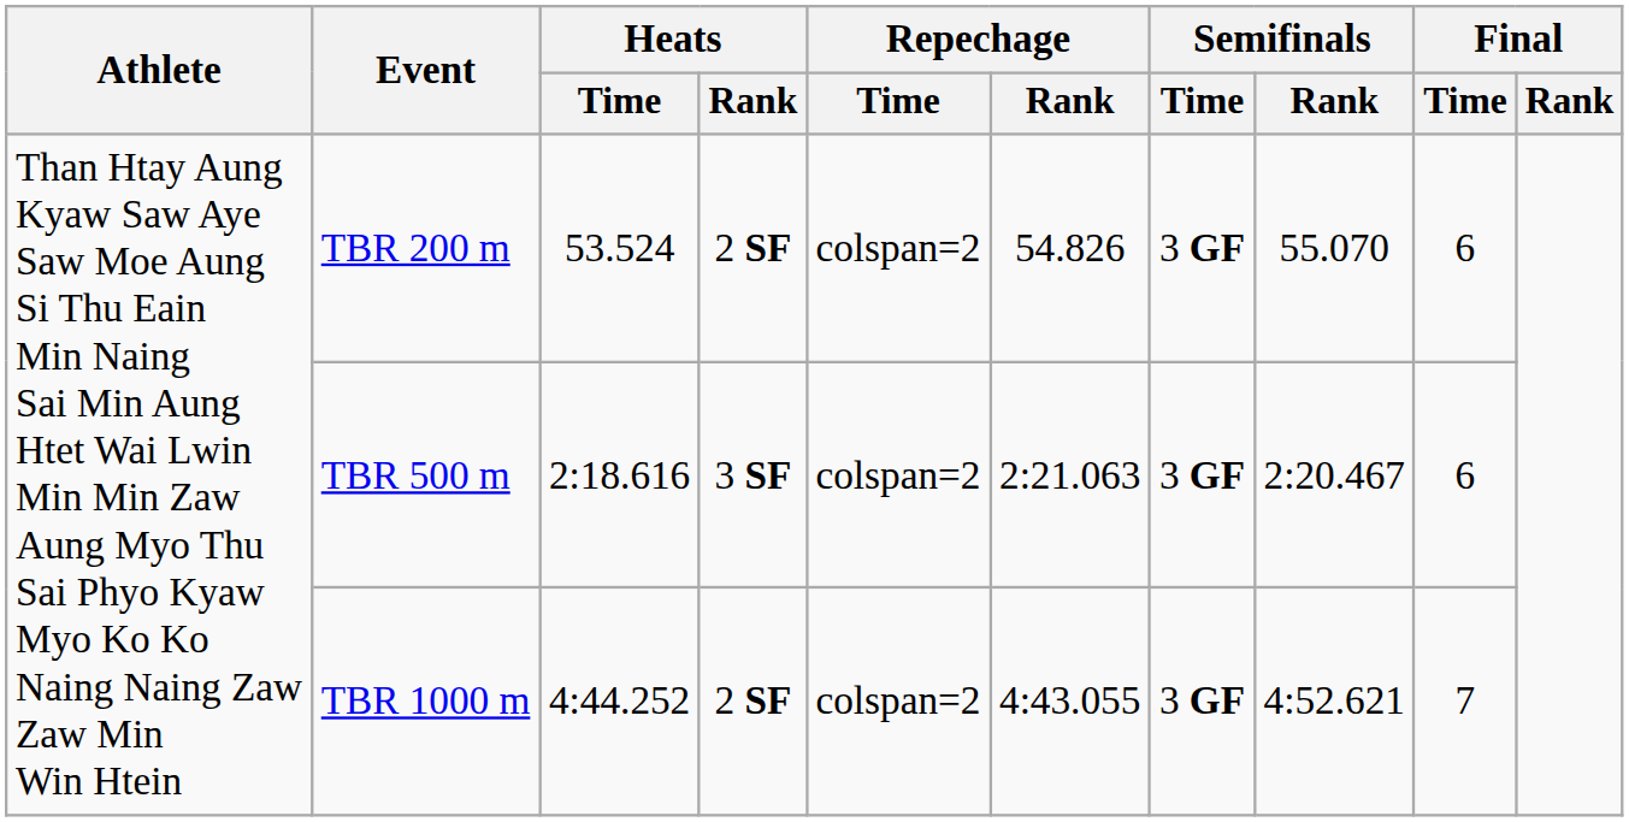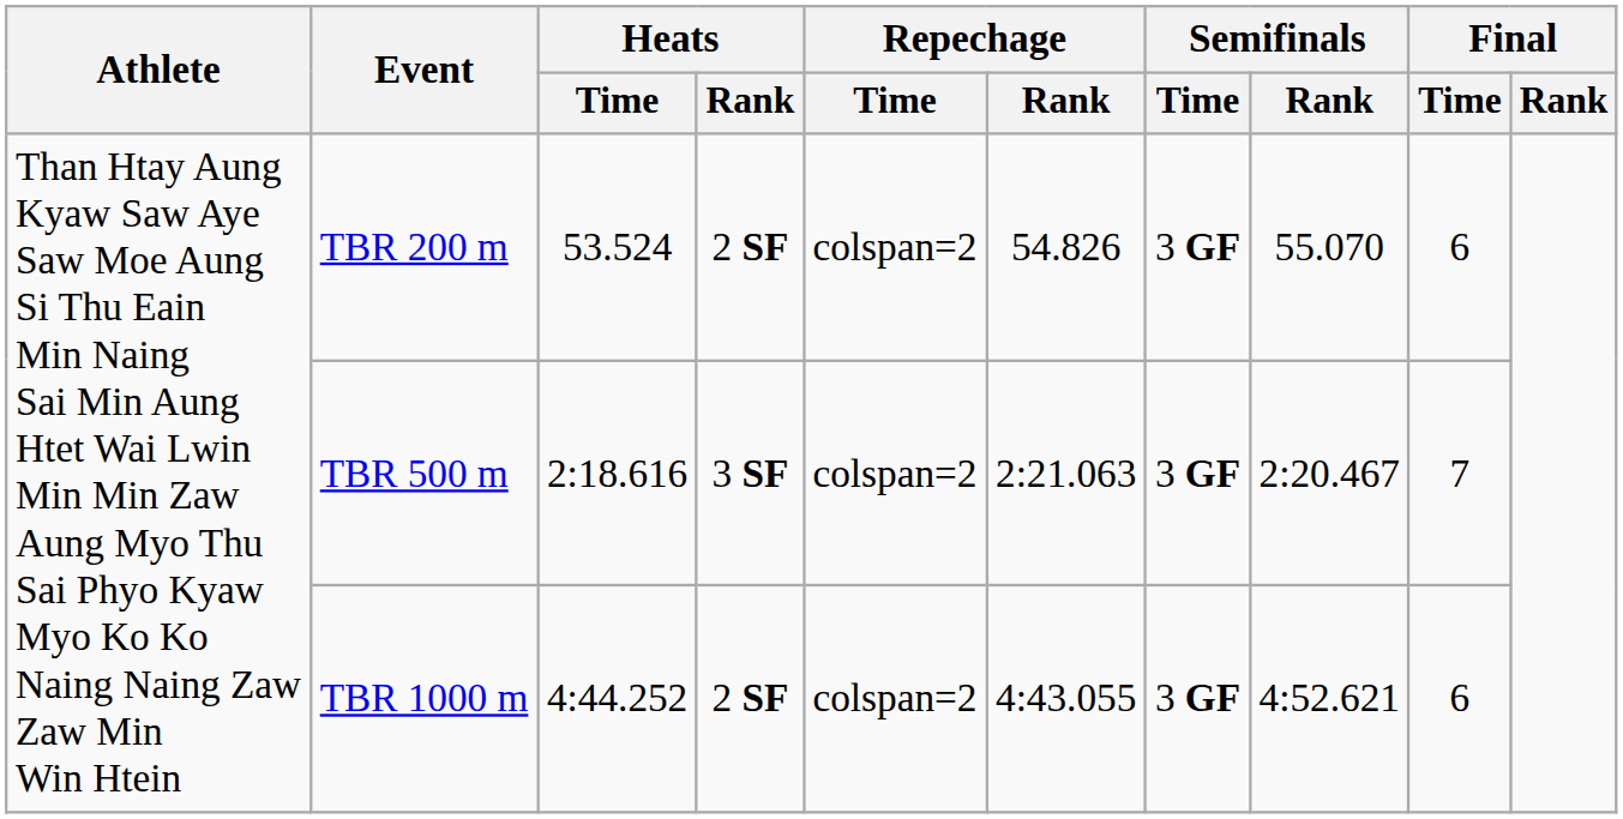 <table class="wikitable" style="text-align:center; font-size:90%">
 <tr>
 <th rowspan="2">Athlete</th>
 <th rowspan="2">Event</th>
 <th colspan="2">Heats</th>
 <th colspan="2">Repechage</th>
 <th colspan="2">Semifinals</th>
 <th colspan="2">Final</th>
 </tr>
 <tr style=font-size:95%>
 <th>Time</th>
 <th>Rank</th>
 <th>Time</th>
 <th>Rank</th>
 <th>Time</th>
 <th>Rank</th>
 <th>Time</th>
 <th>Rank</th>
 </tr>
 <tr>
 <td align=left rowspan=3>Than Htay Aung<br>Kyaw Saw Aye<br>Saw Moe Aung<br>Si Thu Eain<br>Min Naing<br>Sai Min Aung<br>Htet Wai Lwin<br>Min Min Zaw<br>Aung Myo Thu<br>Sai Phyo Kyaw<br>Myo Ko Ko<br>Naing Naing Zaw<br>Zaw Min<br>Win Htein</td>
 <td align=left><a href='#'>TBR 200 m</a></td>
 <td>53.524</td>
 <td>2 <strong>SF</strong></td>
 <td>colspan=2 </td>
 <td>54.826</td>
 <td>3 <strong>GF</strong></td>
 <td>55.070</td>
 <td>6</td>
 </tr>
 <tr>
 <td align=left><a href='#'>TBR 500 m</a></td>
 <td>2:18.616</td>
 <td>3 <strong>SF</strong></td>
 <td>colspan=2 </td>
 <td>2:21.063</td>
 <td>3 <strong>GF</strong></td>
 <td>2:20.467</td>
-<td>6</td>
+<td>7</td>
 </tr>
 <tr>
 <td align=left><a href='#'>TBR 1000 m</a></td>
 <td>4:44.252</td>
 <td>2 <strong>SF</strong></td>
 <td>colspan=2 </td>
 <td>4:43.055</td>
 <td>3 <strong>GF</strong></td>
 <td>4:52.621</td>
-<td>7</td>
+<td>6</td>
 </tr>
 </table>
